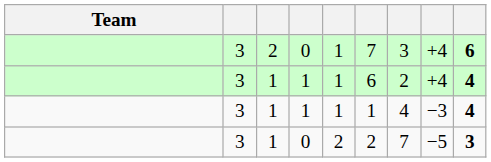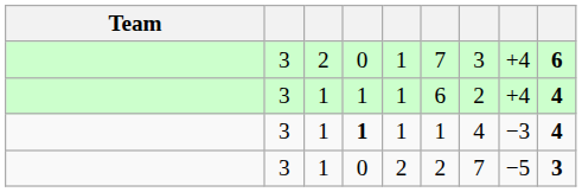 <table class="wikitable" style="text-align:center;">
 <tr>
 <th width=175>Team</th>
 <th width=20></th>
 <th width=20></th>
 <th width=20></th>
 <th width=20></th>
 <th width=20></th>
 <th width=20></th>
 <th width=20></th>
 <th width=20></th>
 </tr>
 <tr style="background:#cfc;">
 <td align=left></td>
 <td>3</td>
 <td>2</td>
 <td>0</td>
 <td>1</td>
 <td>7</td>
 <td>3</td>
 <td>+4</td>
 <td><strong>6</strong></td>
 </tr>
 <tr style="background:#cfc;">
 <td align=left></td>
 <td>3</td>
 <td>1</td>
 <td>1</td>
 <td>1</td>
 <td>6</td>
 <td>2</td>
 <td>+4</td>
 <td><strong>4</strong></td>
 </tr>
 <tr>
 <td align=left></td>
 <td>3</td>
 <td>1</td>
-<td>1</td>
+<td><strong>1</strong></td>
 <td>1</td>
 <td>1</td>
 <td>4</td>
 <td>−3</td>
 <td><strong>4</strong></td>
 </tr>
 <tr>
 <td align=left></td>
 <td>3</td>
 <td>1</td>
 <td>0</td>
 <td>2</td>
 <td>2</td>
 <td>7</td>
 <td>−5</td>
 <td><strong>3</strong></td>
 </tr>
 </table>
